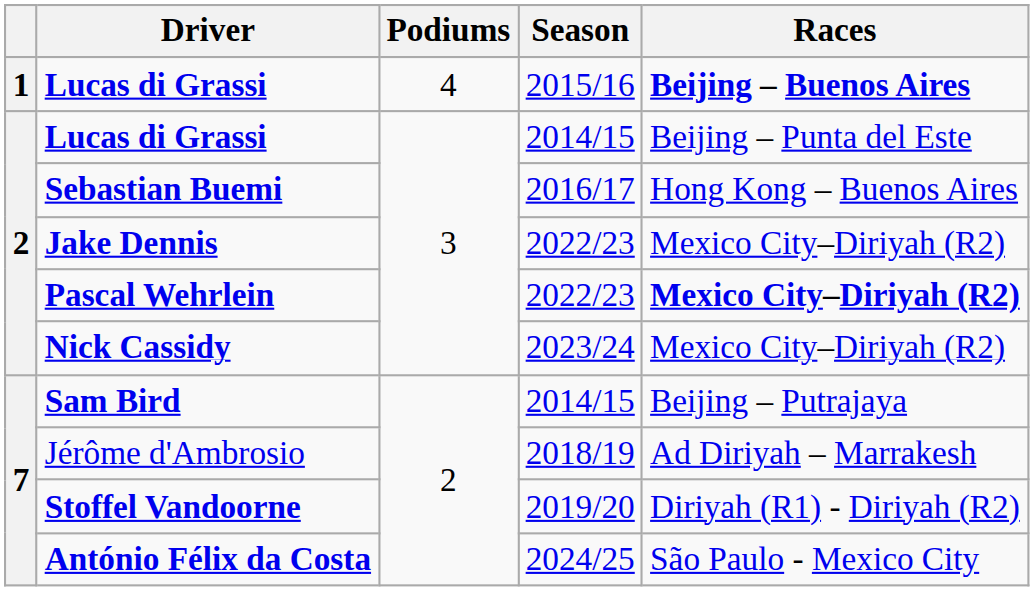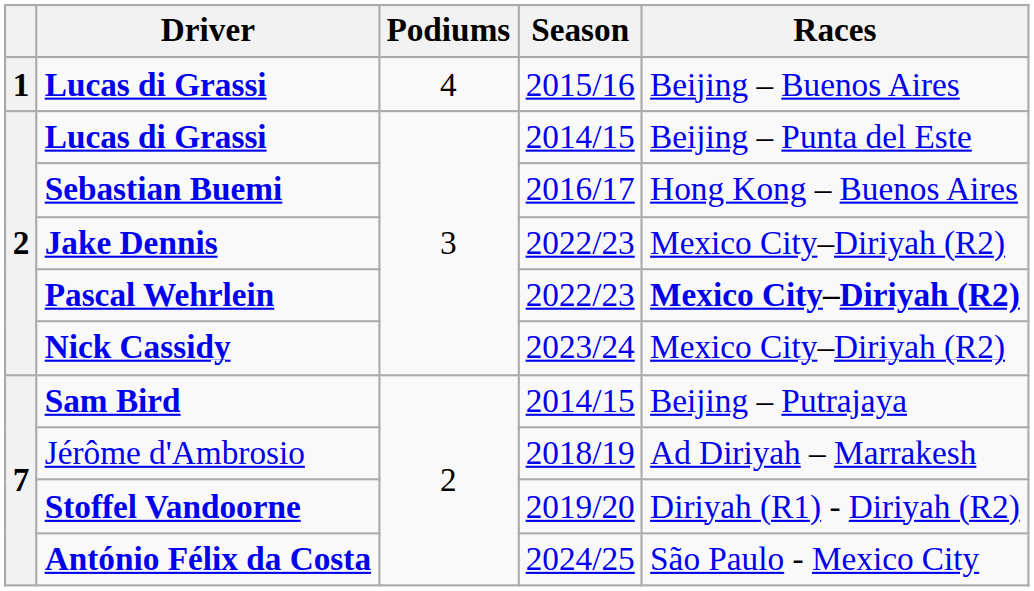 <table class="wikitable">
 <tr>
 <th></th>
 <th>Driver</th>
 <th>Podiums</th>
 <th>Season</th>
 <th>Races</th>
 </tr>
 <tr>
 <th>1</th>
 <td align=left> <strong><a href='#'>Lucas di Grassi</a></strong></td>
 <td align=center>4</td>
 <td><a href='#'>2015/16</a></td>
-<td><strong><a href='#'>Beijing</a> – <a href='#'>Buenos Aires</a></strong></td>
+<td><a href='#'>Beijing</a> – <a href='#'>Buenos Aires</a></td>
 </tr>
 <tr>
 <th rowspan=5>2</th>
 <td align=left> <strong><a href='#'>Lucas di Grassi</a></strong></td>
 <td rowspan=5 align=center>3</td>
 <td><a href='#'>2014/15</a></td>
 <td><a href='#'>Beijing</a> – <a href='#'>Punta del Este</a></td>
 </tr>
 <tr>
 <td align=left> <strong><a href='#'>Sebastian Buemi</a></strong></td>
 <td><a href='#'>2016/17</a></td>
 <td><a href='#'>Hong Kong</a> – <a href='#'>Buenos Aires</a></td>
 </tr>
 <tr>
 <td align=left> <strong><a href='#'>Jake Dennis</a></strong></td>
 <td><a href='#'>2022/23</a></td>
 <td><a href='#'>Mexico City</a>–<a href='#'>Diriyah (R2)</a></td>
 </tr>
 <tr>
 <td align=left> <strong><a href='#'>Pascal Wehrlein</a></strong></td>
 <td><a href='#'>2022/23</a></td>
 <td><strong><a href='#'>Mexico City</a>–<a href='#'>Diriyah (R2)</a></strong></td>
 </tr>
 <tr>
 <td align=left> <strong><a href='#'>Nick Cassidy</a></strong></td>
 <td><a href='#'>2023/24</a></td>
 <td><a href='#'>Mexico City</a>–<a href='#'>Diriyah (R2)</a></td>
 </tr>
 <tr>
 <th rowspan=4>7</th>
 <td align=left> <strong><a href='#'>Sam Bird</a></strong></td>
 <td rowspan=4 align=center>2</td>
 <td><a href='#'>2014/15</a></td>
 <td><a href='#'>Beijing</a> – <a href='#'>Putrajaya</a></td>
 </tr>
 <tr>
 <td align=left> <a href='#'>Jérôme d'Ambrosio</a></td>
 <td><a href='#'>2018/19</a></td>
 <td><a href='#'>Ad Diriyah</a> – <a href='#'>Marrakesh</a></td>
 </tr>
 <tr>
 <td align=left> <strong><a href='#'>Stoffel Vandoorne</a></strong></td>
 <td><a href='#'>2019/20</a></td>
 <td><a href='#'>Diriyah (R1)</a> - <a href='#'>Diriyah (R2)</a></td>
 </tr>
 <tr>
 <td align=left> <strong><a href='#'>António Félix da Costa</a></strong></td>
 <td><a href='#'>2024/25</a></td>
 <td><a href='#'>São Paulo</a> - <a href='#'>Mexico City</a></td>
 </tr>
 </table>
